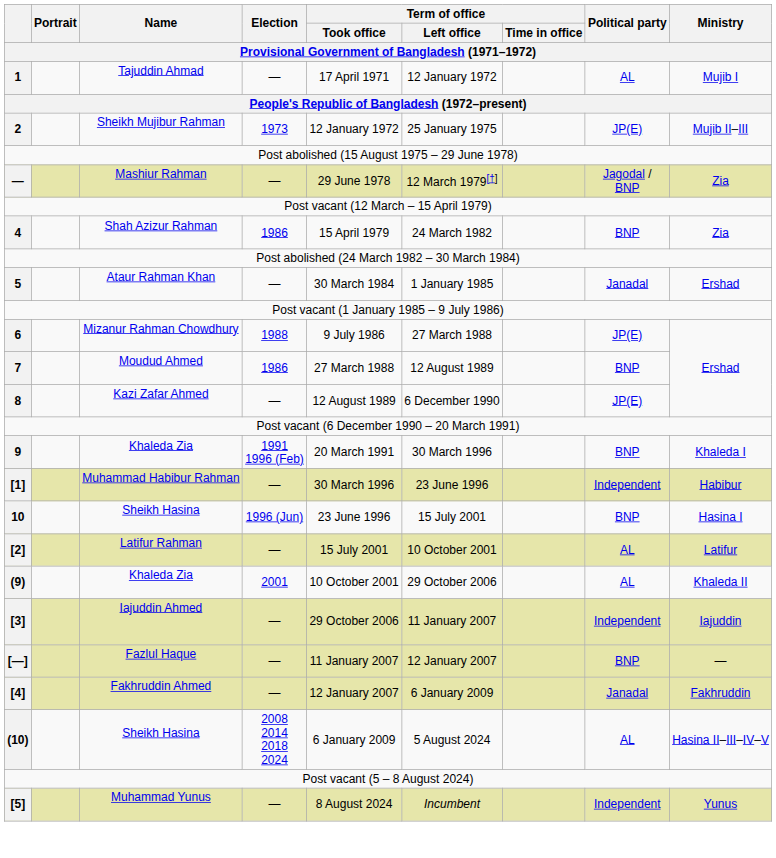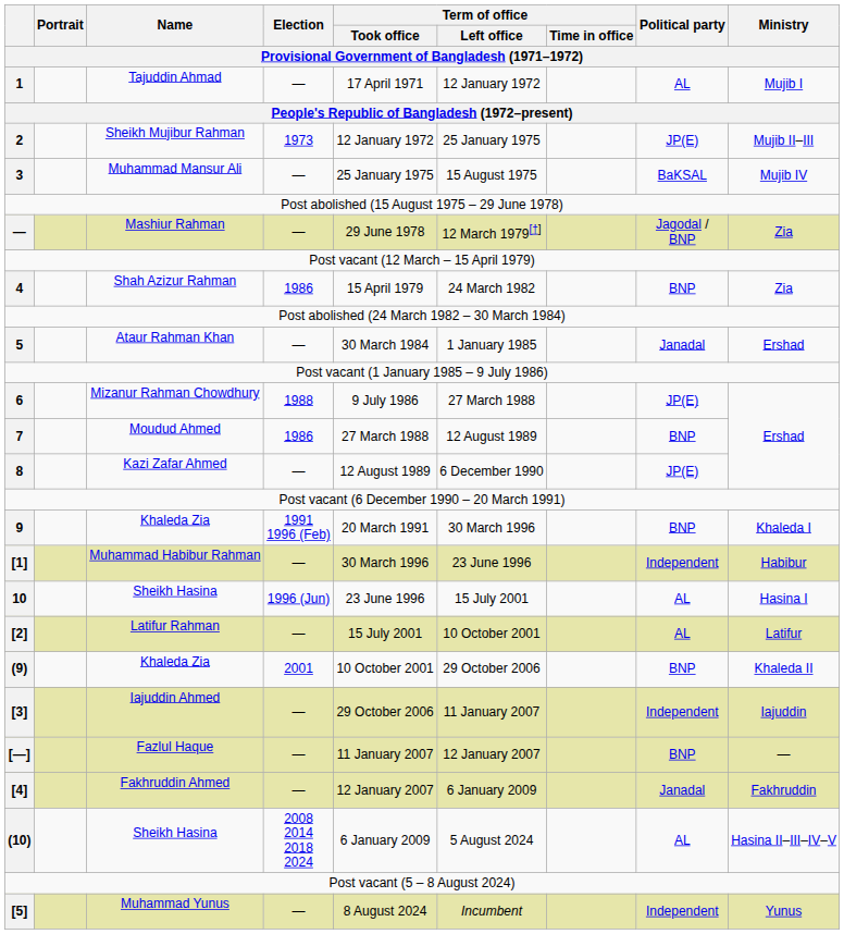 <table class="wikitable" style="text-align:center">
 <tr>
 <th rowspan="2"></th>
 <th rowspan="2">Portrait</th>
 <th rowspan="2">Name<br></th>
 <th rowspan="2">Election</th>
 <th colspan="3">Term of office</th>
 <th rowspan="2">Political party<br></th>
 <th rowspan="2">Ministry</th>
 </tr>
 <tr>
 <th>Took office</th>
 <th>Left office</th>
 <th>Time in office</th>
 </tr>
 <tr>
 <th colspan="9"><a href='#'>Provisional Government of Bangladesh</a> (1971–1972)</th>
 </tr>
 <tr>
 <th style="background:">1</th>
 <td></td>
 <td><a href='#'>Tajuddin Ahmad</a><br><br></td>
 <td>—</td>
 <td>17 April 1971</td>
 <td>12 January 1972</td>
 <td></td>
 <td><a href='#'>AL</a></td>
 <td><a href='#'>Mujib I</a></td>
 </tr>
 <tr>
 <th colspan="9"><a href='#'>People's Republic of Bangladesh</a> (1972–present)</th>
 </tr>
 <tr>
 <th style="background:">2</th>
 <td></td>
 <td><a href='#'>Sheikh Mujibur Rahman</a><br><br></td>
 <td><a href='#'>1973</a></td>
 <td>12 January 1972</td>
 <td>25 January 1975</td>
 <td></td>
 <td><a href='#'>JP(E)</a></td>
 <td><a href='#'>Mujib II</a>–<a href='#'>III</a></td>
+</tr>
+<tr>
+<th style="background:">3</th>
+<td></td>
+<td><a href='#'>Muhammad Mansur Ali</a><br><br></td>
+<td>—</td>
+<td>25 January 1975</td>
+<td>15 August 1975<br></td>
+<td></td>
+<td><a href='#'>BaKSAL</a></td>
+<td><a href='#'>Mujib IV</a></td>
 </tr>
 <tr>
 <td colspan="9">Post abolished (15 August 1975 – 29 June 1978)</td>
 </tr>
 <tr style="background:#E6E6AA;">
 <th style="background:">—</th>
 <td></td>
 <td><a href='#'>Mashiur Rahman</a><br><br></td>
 <td>—</td>
 <td>29 June 1978</td>
 <td>12 March 1979<sup><a href='#'>[†</a>]</sup></td>
 <td></td>
 <td><a href='#'>Jagodal</a> / <br> <a href='#'>BNP</a></td>
 <td><a href='#'>Zia</a></td>
 </tr>
 <tr>
 <td colspan="9">Post vacant (12 March – 15 April 1979)</td>
 </tr>
 <tr>
 <th style="background:">4</th>
 <td></td>
 <td><a href='#'>Shah Azizur Rahman</a><br><br></td>
 <td><a href='#'>1986</a></td>
 <td>15 April 1979</td>
 <td>24 March 1982<br></td>
 <td></td>
 <td><a href='#'>BNP</a></td>
 <td><a href='#'>Zia</a></td>
 </tr>
 <tr>
 <td colspan="9">Post abolished (24 March 1982 – 30 March 1984)</td>
 </tr>
 <tr>
 <th style="background:">5</th>
 <td></td>
 <td><a href='#'>Ataur Rahman Khan</a><br><br></td>
 <td>—</td>
 <td>30 March 1984</td>
 <td>1 January 1985</td>
 <td></td>
 <td><a href='#'>Janadal</a></td>
 <td><a href='#'>Ershad</a></td>
 </tr>
 <tr>
 <td colspan="9">Post vacant (1 January 1985 – 9 July 1986)</td>
 </tr>
 <tr>
 <th style="background:">6</th>
 <td></td>
 <td><a href='#'>Mizanur Rahman Chowdhury</a><br><br></td>
 <td><a href='#'>1988</a></td>
 <td>9 July 1986</td>
 <td>27 March 1988</td>
 <td></td>
 <td><a href='#'>JP(E)</a></td>
 <td rowspan="3"><a href='#'>Ershad</a></td>
 </tr>
 <tr>
 <th style="background:">7</th>
 <td></td>
 <td><a href='#'>Moudud Ahmed</a><br><br></td>
 <td><a href='#'>1986</a></td>
 <td>27 March 1988</td>
 <td>12 August 1989</td>
 <td></td>
 <td><a href='#'>BNP</a><br></td>
 </tr>
 <tr>
 <th style="background:">8</th>
 <td></td>
 <td><a href='#'>Kazi Zafar Ahmed</a><br><br></td>
 <td>—</td>
 <td>12 August 1989</td>
 <td>6 December 1990<br></td>
 <td></td>
 <td><a href='#'>JP(E)</a></td>
 </tr>
 <tr>
 <td colspan="9">Post vacant (6 December 1990 – 20 March 1991)</td>
 </tr>
 <tr>
 <th style="background:">9</th>
 <td></td>
 <td><a href='#'>Khaleda Zia</a><br><br></td>
 <td><a href='#'>1991</a><br><a href='#'>1996 (Feb)</a></td>
 <td>20 March 1991</td>
 <td>30 March 1996</td>
 <td></td>
 <td><a href='#'>BNP</a></td>
 <td><a href='#'>Khaleda I</a></td>
 </tr>
 <tr style="background:#E6E6AA;">
 <th style="background:">[1]</th>
 <td></td>
 <td><a href='#'>Muhammad Habibur Rahman</a><br><br></td>
 <td>—</td>
 <td>30 March 1996</td>
 <td>23 June 1996</td>
 <td></td>
 <td><a href='#'>Independent</a></td>
 <td><a href='#'>Habibur</a></td>
 </tr>
 <tr>
 <th style="background:">10</th>
 <td></td>
 <td><a href='#'>Sheikh Hasina</a><br><br></td>
 <td><a href='#'>1996 (Jun)</a></td>
 <td>23 June 1996</td>
 <td>15 July 2001</td>
 <td></td>
-<td><a href='#'>BNP</a><br></td>
+<td><a href='#'>AL</a></td>
 <td><a href='#'>Hasina I</a></td>
 </tr>
 <tr style="background:#E6E6AA;">
 <th style="background:">[2]</th>
 <td></td>
 <td><a href='#'>Latifur Rahman</a><br><br></td>
 <td>—</td>
 <td>15 July 2001</td>
 <td>10 October 2001</td>
 <td></td>
 <td><a href='#'>AL</a></td>
 <td><a href='#'>Latifur</a></td>
 </tr>
 <tr>
 <th style="background:">(9)</th>
 <td></td>
 <td><a href='#'>Khaleda Zia</a><br><br></td>
 <td><a href='#'>2001</a></td>
 <td>10 October 2001</td>
 <td>29 October 2006</td>
 <td></td>
-<td><a href='#'>AL</a></td>
+<td><a href='#'>BNP</a><br></td>
 <td><a href='#'>Khaleda II</a></td>
 </tr>
 <tr style="background:#E6E6AA;">
 <th style="background:">[3]</th>
 <td></td>
 <td><a href='#'>Iajuddin Ahmed</a><br><br><br></td>
 <td>—</td>
 <td>29 October 2006</td>
 <td>11 January 2007</td>
 <td></td>
 <td><a href='#'>Independent</a></td>
 <td><a href='#'>Iajuddin</a></td>
 </tr>
 <tr style="background:#E6E6AA;">
 <th style="background:">[—]</th>
 <td></td>
 <td><a href='#'>Fazlul Haque</a><br><br></td>
 <td>—</td>
 <td>11 January 2007</td>
 <td>12 January 2007</td>
 <td></td>
 <td><a href='#'>BNP</a></td>
 <td>—</td>
 </tr>
 <tr style="background:#E6E6AA;">
 <th style="background:">[4]</th>
 <td></td>
 <td><a href='#'>Fakhruddin Ahmed</a><br><br></td>
 <td>—</td>
 <td>12 January 2007</td>
 <td>6 January 2009</td>
 <td></td>
 <td><a href='#'>Janadal</a></td>
 <td><a href='#'>Fakhruddin</a></td>
 </tr>
 <tr>
 <th style="background:">(10)</th>
 <td></td>
 <td><a href='#'>Sheikh Hasina</a><br><br></td>
 <td><a href='#'>2008</a><br><a href='#'>2014</a><br><a href='#'>2018</a><br><a href='#'>2024</a></td>
 <td>6 January 2009</td>
 <td>5 August 2024<br></td>
 <td></td>
 <td><a href='#'>AL</a><br></td>
 <td><a href='#'>Hasina II</a>–<a href='#'>III</a>–<a href='#'>IV</a>–<a href='#'>V</a></td>
 </tr>
 <tr>
 <td colspan="9">Post vacant (5 – 8 August 2024)</td>
 </tr>
 <tr style="background:#E6E6AA;">
 <th style="background:">[5]</th>
 <td></td>
 <td><a href='#'>Muhammad Yunus</a><br><br></td>
 <td>—</td>
 <td>8 August 2024</td>
 <td><em>Incumbent</em></td>
 <td></td>
 <td><a href='#'>Independent</a></td>
 <td><a href='#'>Yunus</a></td>
 </tr>
 </table>
